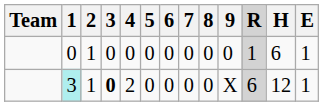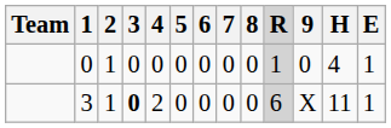 <table class="wikitable">
 <tr>
 <th>Team</th>
 <th>1</th>
 <th>2</th>
 <th>3</th>
 <th>4</th>
 <th>5</th>
 <th>6</th>
 <th>7</th>
 <th>8</th>
+<th style="background-color:lightgrey">R</th>
 <th>9</th>
-<th style="background-color:lightgrey">R</th>
 <th>H</th>
 <th>E</th>
 </tr>
 <tr>
 <td></td>
 <td>0</td>
 <td>1</td>
 <td>0</td>
 <td>0</td>
 <td>0</td>
 <td>0</td>
 <td>0</td>
 <td>0</td>
+<td style="background-color:lightgrey">1</td>
 <td>0</td>
-<td style="background-color:lightgrey">1</td>
-<td>6</td>
+<td>4</td>
 <td>1</td>
 </tr>
 <tr>
 <td></td>
-<td style="background: paleturquoise;">3</td>
+<td>3</td>
 <td>1</td>
 <td><strong>0</strong></td>
 <td>2</td>
 <td>0</td>
 <td>0</td>
 <td>0</td>
 <td>0</td>
+<td style="background-color:lightgrey">6</td>
 <td>X</td>
-<td style="background-color:lightgrey">6</td>
-<td>12</td>
+<td>11</td>
 <td>1</td>
 </tr>
 </table>
